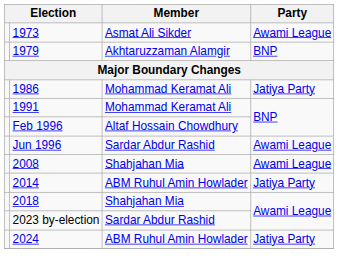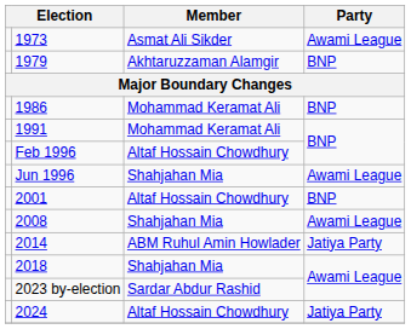 <table class="wikitable">
 <tr>
 <th colspan="2">Election</th>
 <th>Member</th>
 <th>Party</th>
 </tr>
 <tr>
 <td style="background-color:"></td>
 <td><a href='#'>1973</a></td>
 <td><a href='#'>Asmat Ali Sikder</a></td>
 <td><a href='#'>Awami League</a></td>
 </tr>
 <tr>
 <td style="background-color:"></td>
 <td><a href='#'>1979</a></td>
 <td><a href='#'>Akhtaruzzaman Alamgir</a></td>
 <td><a href='#'>BNP</a></td>
 </tr>
 <tr>
 <th colspan="4">Major Boundary Changes</th>
 </tr>
 <tr>
 <td style="background-color:"></td>
 <td><a href='#'>1986</a></td>
 <td><a href='#'>Mohammad Keramat Ali</a></td>
-<td><a href='#'>Jatiya Party</a></td>
+<td><a href='#'>BNP</a></td>
 </tr>
 <tr>
 <td style="background-color:"></td>
 <td><a href='#'>1991</a></td>
 <td><a href='#'>Mohammad Keramat Ali</a></td>
 <td rowspan="2"><a href='#'>BNP</a></td>
 </tr>
 <tr>
 <td style="background-color:"></td>
 <td><a href='#'>Feb 1996</a></td>
 <td><a href='#'>Altaf Hossain Chowdhury</a></td>
 </tr>
 <tr>
 <td style="background-color:"></td>
 <td><a href='#'>Jun 1996</a></td>
-<td><a href='#'>Sardar Abdur Rashid</a></td>
+<td><a href='#'>Shahjahan Mia</a></td>
 <td><a href='#'>Awami League</a></td>
+</tr>
+<tr>
+<td style="background-color:"></td>
+<td><a href='#'>2001</a></td>
+<td><a href='#'>Altaf Hossain Chowdhury</a></td>
+<td><a href='#'>BNP</a></td>
 </tr>
 <tr>
 <td style="background-color:"></td>
 <td><a href='#'>2008</a></td>
 <td><a href='#'>Shahjahan Mia</a></td>
 <td><a href='#'>Awami League</a></td>
 </tr>
 <tr>
 <td style="background-color:"></td>
 <td><a href='#'>2014</a></td>
 <td><a href='#'>ABM Ruhul Amin Howlader</a></td>
 <td><a href='#'>Jatiya Party</a></td>
 </tr>
 <tr>
 <td style="background-color:"></td>
 <td><a href='#'>2018</a></td>
 <td><a href='#'>Shahjahan Mia</a></td>
 <td rowspan="2"><a href='#'>Awami League</a></td>
 </tr>
 <tr>
 <td style="background-color:"></td>
 <td>2023 by-election</td>
 <td><a href='#'>Sardar Abdur Rashid</a></td>
 </tr>
 <tr>
 <td style="background-color:"></td>
 <td><a href='#'>2024</a></td>
-<td><a href='#'>ABM Ruhul Amin Howlader</a></td>
+<td><a href='#'>Altaf Hossain Chowdhury</a></td>
 <td><a href='#'>Jatiya Party</a></td>
 </tr>
 <tr>
 </tr>
 </table>
